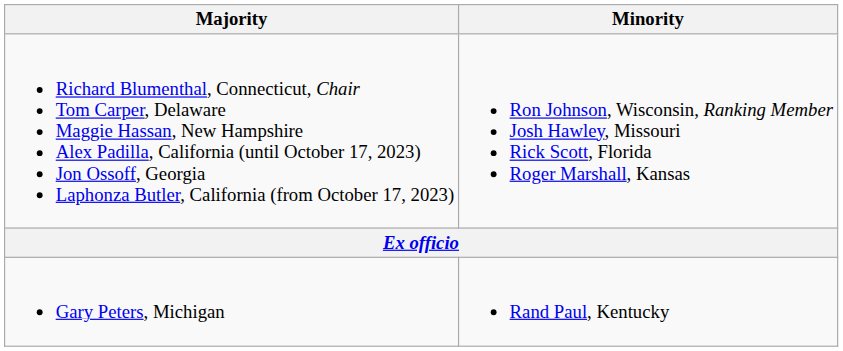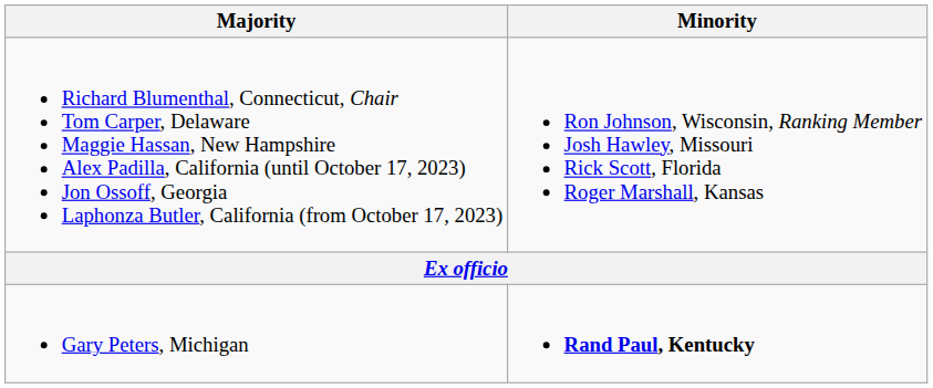 <table class=wikitable>
 <tr>
 <th>Majority</th>
 <th>Minority</th>
 </tr>
 <tr>
 <td><br><ul><li><a href='#'>Richard Blumenthal</a>, Connecticut, <em>Chair</em></li><li><a href='#'>Tom Carper</a>, Delaware</li><li><a href='#'>Maggie Hassan</a>, New Hampshire</li><li><a href='#'>Alex Padilla</a>, California (until October 17, 2023)</li><li><a href='#'>Jon Ossoff</a>, Georgia</li><li><a href='#'>Laphonza Butler</a>, California (from October 17, 2023)</li></ul></td>
 <td><br><ul><li><a href='#'>Ron Johnson</a>, Wisconsin, <em>Ranking Member</em></li><li><a href='#'>Josh Hawley</a>, Missouri</li><li><a href='#'>Rick Scott</a>, Florida</li><li><a href='#'>Roger Marshall</a>, Kansas</li></ul></td>
 </tr>
 <tr>
 <th colspan="2"><em><a href='#'>Ex officio</a></em></th>
 </tr>
 <tr>
 <td><br><ul><li><a href='#'>Gary Peters</a>, Michigan</li></ul></td>
-<td><br><ul><li><a href='#'>Rand Paul</a>, Kentucky</li></ul></td>
+<td><strong><br><ul><li><a href='#'>Rand Paul</a>, Kentucky</li></ul></strong></td>
 </tr>
 </table>
